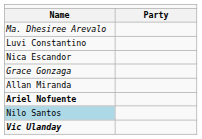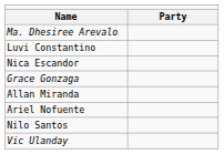 <table class=wikitable style="font-size:90%">
 <tr>
 <td colspan=4 bgcolor=></td>
 </tr>
 <tr>
 <th width=150px>Name</th>
 <th colspan=2 width=110px>Party</th>
 </tr>
 <tr>
 <td><em>Ma. Dhesiree Arevalo</em></td>
 <td></td>
 </tr>
 <tr>
 <td>Luvi Constantino</td>
 <td></td>
 </tr>
 <tr>
 <td>Nica Escandor</td>
 <td></td>
 </tr>
 <tr>
 <td><em>Grace Gonzaga</em></td>
 <td></td>
 </tr>
 <tr>
 <td>Allan Miranda</td>
 <td></td>
 </tr>
 <tr>
-<td><strong>Ariel Nofuente</strong></td>
+<td>Ariel Nofuente</td>
 <td></td>
 </tr>
 <tr>
-<td style="background: lightblue;">Nilo Santos</td>
+<td>Nilo Santos</td>
 <td></td>
 </tr>
 <tr>
-<td><strong><em>Vic Ulanday</em></strong></td>
+<td><em>Vic Ulanday</em></td>
 <td></td>
 </tr>
 </table>
